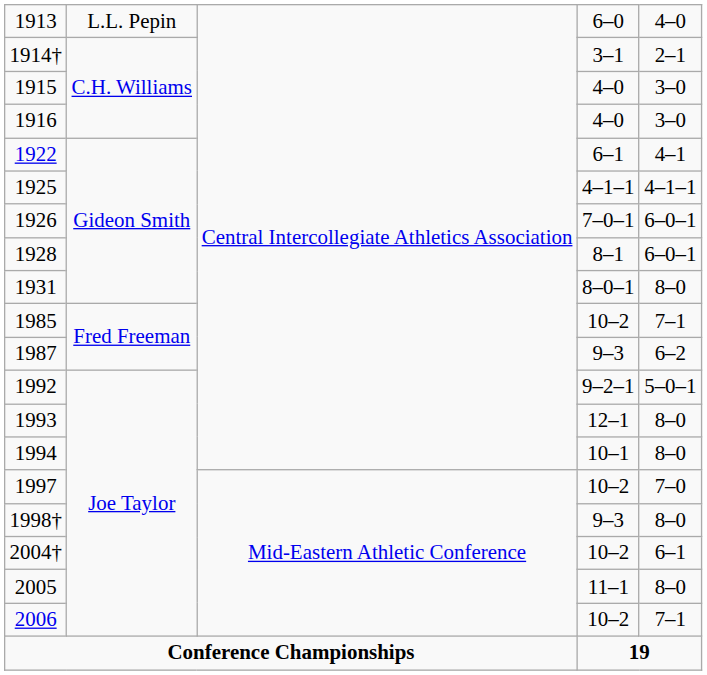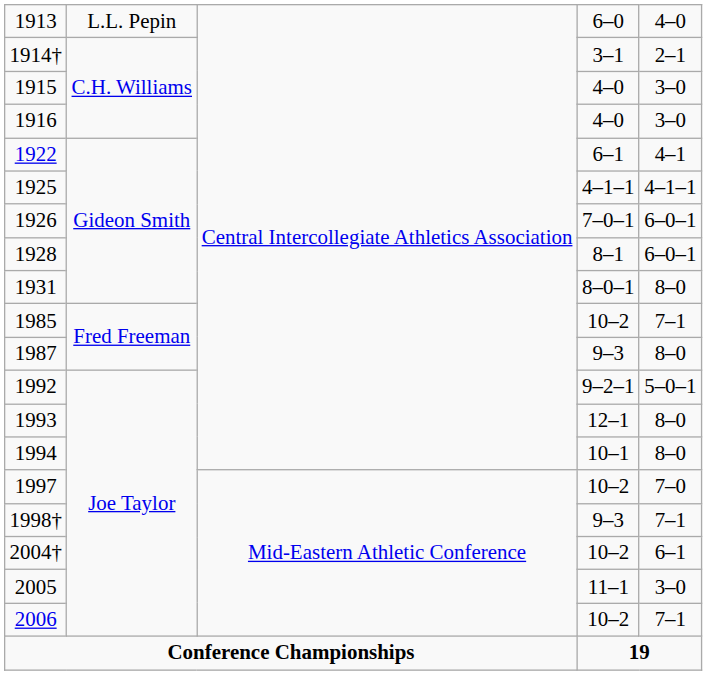 <table class="wikitable">
 <tr align="center">
 <td>1913</td>
 <td>L.L. Pepin</td>
 <td rowspan="14"><a href='#'>Central Intercollegiate Athletics Association</a></td>
 <td>6–0</td>
 <td>4–0</td>
 </tr>
 <tr align="center">
 <td>1914†</td>
 <td rowspan="3"><a href='#'>C.H. Williams</a></td>
 <td>3–1</td>
 <td>2–1</td>
 </tr>
 <tr align="center">
 <td>1915</td>
 <td>4–0</td>
 <td>3–0</td>
 </tr>
 <tr align="center">
 <td>1916</td>
 <td>4–0</td>
 <td>3–0</td>
 </tr>
 <tr align="center">
 <td><a href='#'>1922</a></td>
 <td rowspan="5"><a href='#'>Gideon Smith</a></td>
 <td>6–1</td>
 <td>4–1</td>
 </tr>
 <tr align="center">
 <td>1925</td>
 <td>4–1–1</td>
 <td>4–1–1</td>
 </tr>
 <tr align="center">
 <td>1926</td>
 <td>7–0–1</td>
 <td>6–0–1</td>
 </tr>
 <tr align="center">
 <td>1928</td>
 <td>8–1</td>
 <td>6–0–1</td>
 </tr>
 <tr align="center">
 <td>1931</td>
 <td>8–0–1</td>
 <td>8–0</td>
 </tr>
 <tr align="center">
 <td>1985</td>
 <td rowspan="2"><a href='#'>Fred Freeman</a></td>
 <td>10–2</td>
 <td>7–1</td>
 </tr>
 <tr align="center">
 <td>1987</td>
 <td>9–3</td>
-<td>6–2</td>
+<td>8–0</td>
 </tr>
 <tr align="center">
 <td>1992</td>
 <td rowspan="8"><a href='#'>Joe Taylor</a></td>
 <td>9–2–1</td>
 <td>5–0–1</td>
 </tr>
 <tr align="center">
 <td>1993</td>
 <td>12–1</td>
 <td>8–0</td>
 </tr>
 <tr align="center">
 <td>1994</td>
 <td>10–1</td>
 <td>8–0</td>
 </tr>
 <tr align="center">
 <td>1997</td>
 <td rowspan="5"><a href='#'>Mid-Eastern Athletic Conference</a></td>
 <td>10–2</td>
 <td>7–0</td>
 </tr>
 <tr align="center">
 <td>1998†</td>
 <td>9–3</td>
-<td>8–0</td>
+<td>7–1</td>
 </tr>
 <tr align="center">
 <td>2004†</td>
 <td>10–2</td>
 <td>6–1</td>
 </tr>
 <tr align="center">
 <td>2005</td>
 <td>11–1</td>
-<td>8–0</td>
+<td>3–0</td>
 </tr>
 <tr align="center">
 <td><a href='#'>2006</a></td>
 <td>10–2</td>
 <td>7–1</td>
 </tr>
 <tr align="center">
 <td colspan=3><strong>Conference Championships</strong></td>
 <td colspan=3><strong>19</strong></td>
 </tr>
 </table>
